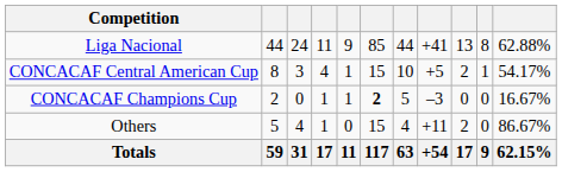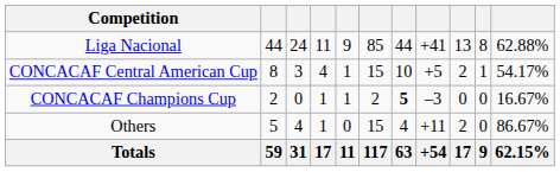 <table class="wikitable">
 <tr>
 <th>Competition</th>
 <th></th>
 <th></th>
 <th></th>
 <th></th>
 <th></th>
 <th></th>
 <th></th>
 <th></th>
 <th></th>
 <th></th>
 </tr>
 <tr align=center>
 <td><a href='#'>Liga Nacional</a></td>
 <td>44</td>
 <td>24</td>
 <td>11</td>
 <td>9</td>
 <td>85</td>
 <td>44</td>
 <td>+41</td>
 <td>13</td>
 <td>8</td>
 <td>62.88%</td>
 </tr>
 <tr align=center>
 <td><a href='#'>CONCACAF Central American Cup</a></td>
 <td>8</td>
 <td>3</td>
 <td>4</td>
 <td>1</td>
 <td>15</td>
 <td>10</td>
 <td>+5</td>
 <td>2</td>
 <td>1</td>
 <td>54.17%</td>
 </tr>
 <tr align=center>
 <td><a href='#'>CONCACAF Champions Cup</a></td>
 <td>2</td>
 <td>0</td>
 <td>1</td>
 <td>1</td>
-<td><strong>2</strong></td>
-<td>5</td>
+<td>2</td>
+<td><strong>5</strong></td>
 <td>–3</td>
 <td>0</td>
 <td>0</td>
 <td>16.67%</td>
 </tr>
 <tr align=center>
 <td>Others</td>
 <td>5</td>
 <td>4</td>
 <td>1</td>
 <td>0</td>
 <td>15</td>
 <td>4</td>
 <td>+11</td>
 <td>2</td>
 <td>0</td>
 <td>86.67%</td>
 </tr>
 <tr>
 <th>Totals</th>
 <th>59</th>
 <th>31</th>
 <th>17</th>
 <th>11</th>
 <th>117</th>
 <th>63</th>
 <th>+54</th>
 <th>17</th>
 <th>9</th>
 <th>62.15%</th>
 </tr>
 </table>
